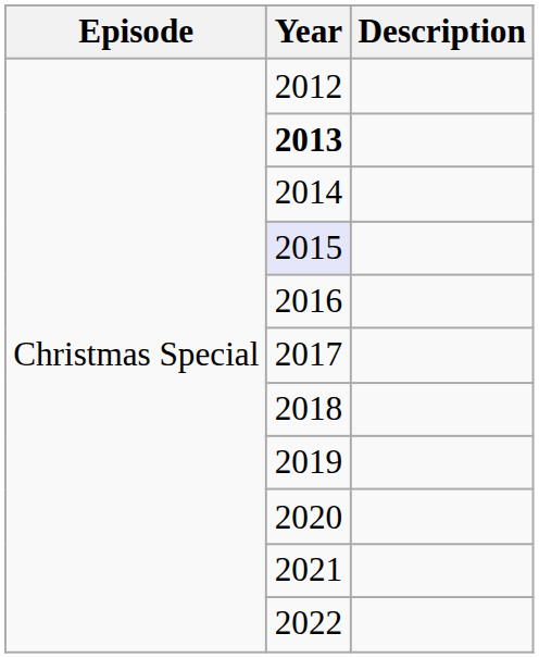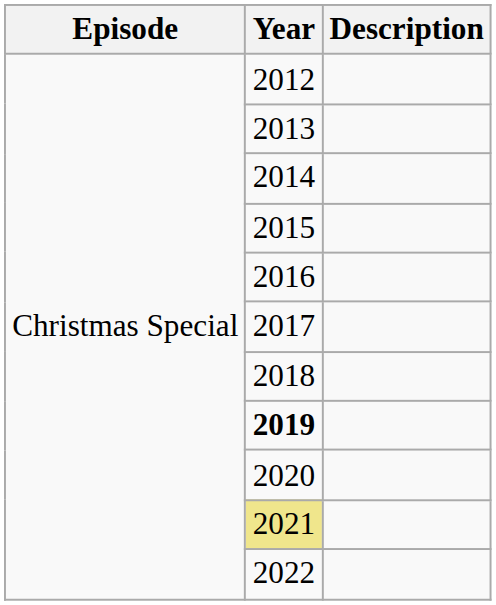 <table class="wikitable sortable">
 <tr>
 <th>Episode</th>
 <th>Year</th>
 <th>Description</th>
 </tr>
 <tr>
 <td rowspan="12">Christmas Special</td>
 <td>2012</td>
 <td></td>
 </tr>
 <tr>
-<td><strong>2013</strong></td>
+<td>2013</td>
 <td></td>
 </tr>
 <tr>
 <td>2014</td>
 <td></td>
 </tr>
 <tr>
-<td style="background: lavender;">2015</td>
+<td>2015</td>
 <td></td>
 </tr>
 <tr>
 <td>2016</td>
 <td></td>
 </tr>
 <tr>
 <td>2017</td>
 <td></td>
 </tr>
 <tr>
 <td>2018</td>
 <td></td>
 </tr>
 <tr>
-<td>2019</td>
+<td><strong>2019</strong></td>
 <td></td>
 </tr>
 <tr>
 <td>2020</td>
 <td></td>
 </tr>
 <tr>
-<td>2021</td>
+<td style="background: khaki;">2021</td>
 <td></td>
 </tr>
 <tr>
 <td>2022</td>
 <td></td>
 </tr>
 </table>
